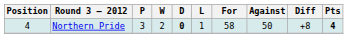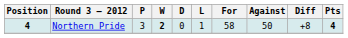 <table class="wikitable" style="text-align:center; font-size:85%;">
 <tr>
 <th width=40 abbr="Position">Position</th>
 <th width=100>Round 3 – 2012</th>
 <th width=20 abbr="Played">P</th>
 <th width=20 abbr="Won">W</th>
 <th width=20 abbr="Drawn">D</th>
 <th width=20 abbr="Lost">L</th>
 <th width=40 abbr="Points for">For</th>
 <th width=40 abbr="Points against">Against</th>
 <th width=40 abbr="Points difference">Diff</th>
 <th width=20 abbr="Points">Pts</th>
 </tr>
 <tr style="background: #d7ebed;">
-<td>4</td>
+<td><strong>4</strong></td>
 <td style="text-align:left;"> <a href='#'>Northern Pride</a></td>
 <td>3</td>
-<td>2</td>
-<td><strong>0</strong></td>
+<td><strong>2</strong></td>
+<td>0</td>
 <td>1</td>
 <td>58</td>
 <td>50</td>
 <td>+8</td>
 <td><strong>4</strong></td>
 </tr>
 <tr>
 </tr>
 </table>
